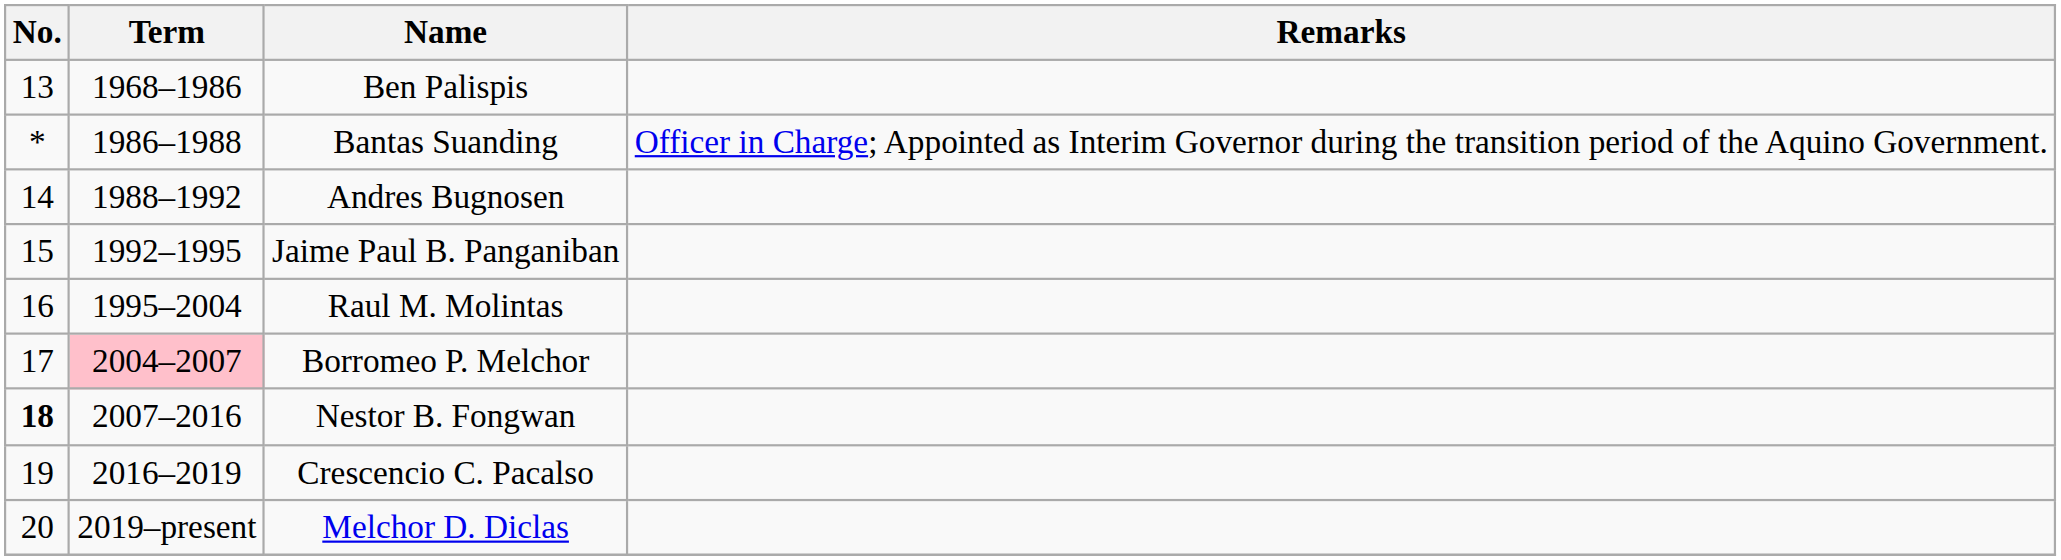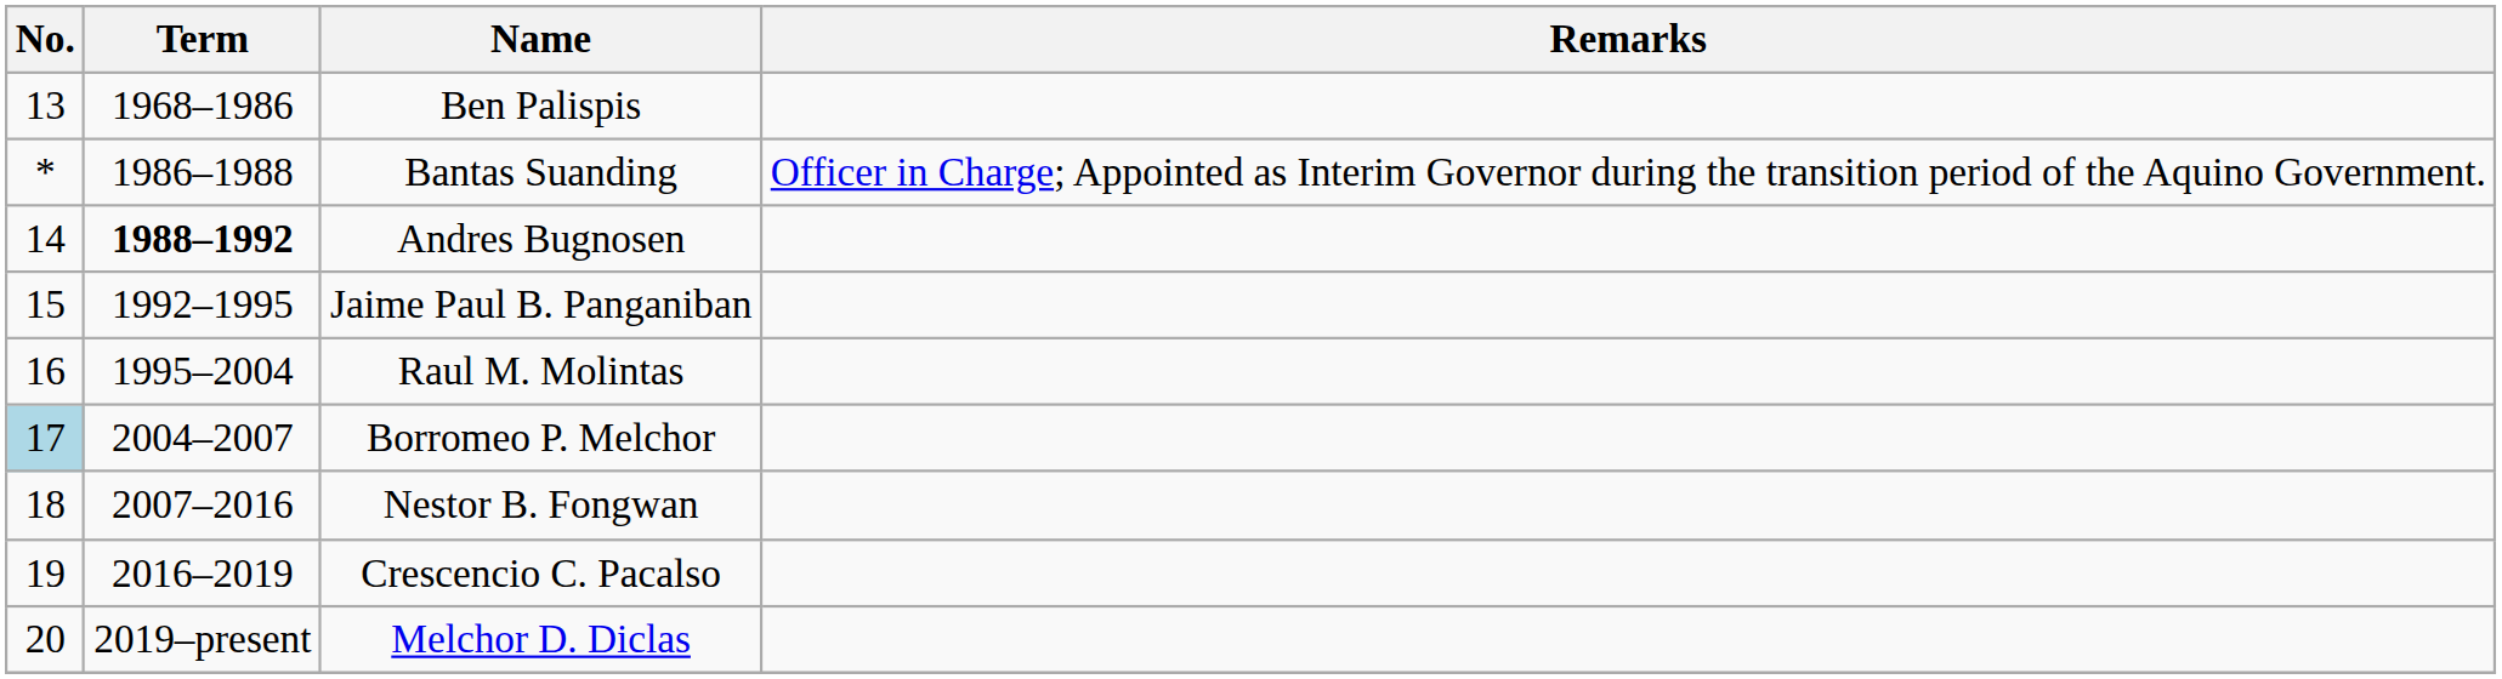 <table class="wikitable" style="vertical-align:top;text-align:center;font-size:95%;">
 <tr>
 <th>No.</th>
 <th>Term</th>
 <th>Name</th>
 <th>Remarks</th>
 </tr>
 <tr>
 <td>13</td>
 <td>1968–1986</td>
 <td>Ben Palispis</td>
 <td></td>
 </tr>
 <tr>
 <td>*</td>
 <td>1986–1988</td>
 <td>Bantas Suanding</td>
 <td><a href='#'>Officer in Charge</a>; Appointed as Interim Governor during the transition period of the Aquino Government.</td>
 </tr>
 <tr>
 <td>14</td>
-<td>1988–1992</td>
+<td><strong>1988–1992</strong></td>
 <td>Andres Bugnosen</td>
 <td></td>
 </tr>
 <tr>
 <td>15</td>
 <td>1992–1995</td>
 <td>Jaime Paul B. Panganiban</td>
 <td></td>
 </tr>
 <tr>
 <td>16</td>
 <td>1995–2004</td>
 <td>Raul M. Molintas</td>
 <td></td>
 </tr>
 <tr>
-<td>17</td>
-<td style="background: pink;">2004–2007</td>
+<td style="background: lightblue;">17</td>
+<td>2004–2007</td>
 <td>Borromeo P. Melchor</td>
 <td></td>
 </tr>
 <tr>
-<td><strong>18</strong></td>
+<td>18</td>
 <td>2007–2016</td>
 <td>Nestor B. Fongwan</td>
 <td></td>
 </tr>
 <tr>
 <td>19</td>
 <td>2016–2019</td>
 <td>Crescencio C. Pacalso</td>
 <td></td>
 </tr>
 <tr>
 <td>20</td>
 <td>2019–present</td>
 <td><a href='#'>Melchor D. Diclas</a></td>
 <td></td>
 </tr>
 <tr>
 </tr>
 </table>
